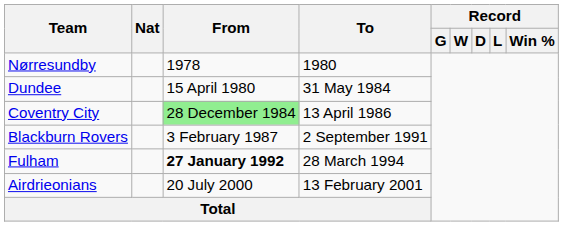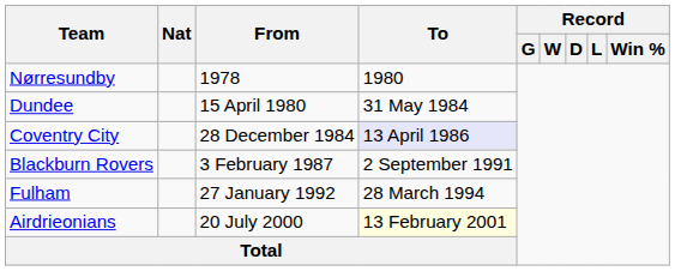 <table class="wikitable" style="text-align: center">
 <tr>
 <th rowspan="2">Team</th>
 <th rowspan="2">Nat</th>
 <th rowspan="2">From</th>
 <th rowspan="2">To</th>
 <th colspan="5">Record</th>
 </tr>
 <tr>
 <th>G</th>
 <th>W</th>
 <th>D</th>
 <th>L</th>
 <th>Win %</th>
 </tr>
 <tr>
 <td align=left><a href='#'>Nørresundby</a></td>
 <td></td>
 <td align=left>1978</td>
 <td align=left>1980<br></td>
 </tr>
 <tr>
 <td align=left><a href='#'>Dundee</a></td>
 <td></td>
 <td align=left>15 April 1980</td>
 <td align=left>31 May 1984<br></td>
 </tr>
 <tr>
 <td align=left><a href='#'>Coventry City</a></td>
 <td></td>
-<td align=left style="background: lightgreen;">28 December 1984</td>
-<td align=left>13 April 1986<br></td>
+<td align=left>28 December 1984</td>
+<td align=left style="background: lavender;">13 April 1986<br></td>
 </tr>
 <tr>
 <td align=left><a href='#'>Blackburn Rovers</a></td>
 <td></td>
 <td align=left>3 February 1987</td>
 <td align=left>2 September 1991<br></td>
 </tr>
 <tr>
 <td align=left><a href='#'>Fulham</a></td>
 <td></td>
-<td align=left><strong>27 January 1992</strong></td>
+<td align=left>27 January 1992</td>
 <td align=left>28 March 1994<br></td>
 </tr>
 <tr>
 <td align=left><a href='#'>Airdrieonians</a></td>
 <td></td>
 <td align=left>20 July 2000</td>
-<td align=left>13 February 2001<br></td>
+<td align=left style="background: lightyellow;">13 February 2001<br></td>
 </tr>
 <tr>
 <th colspan=4>Total<br></th>
 </tr>
 </table>
